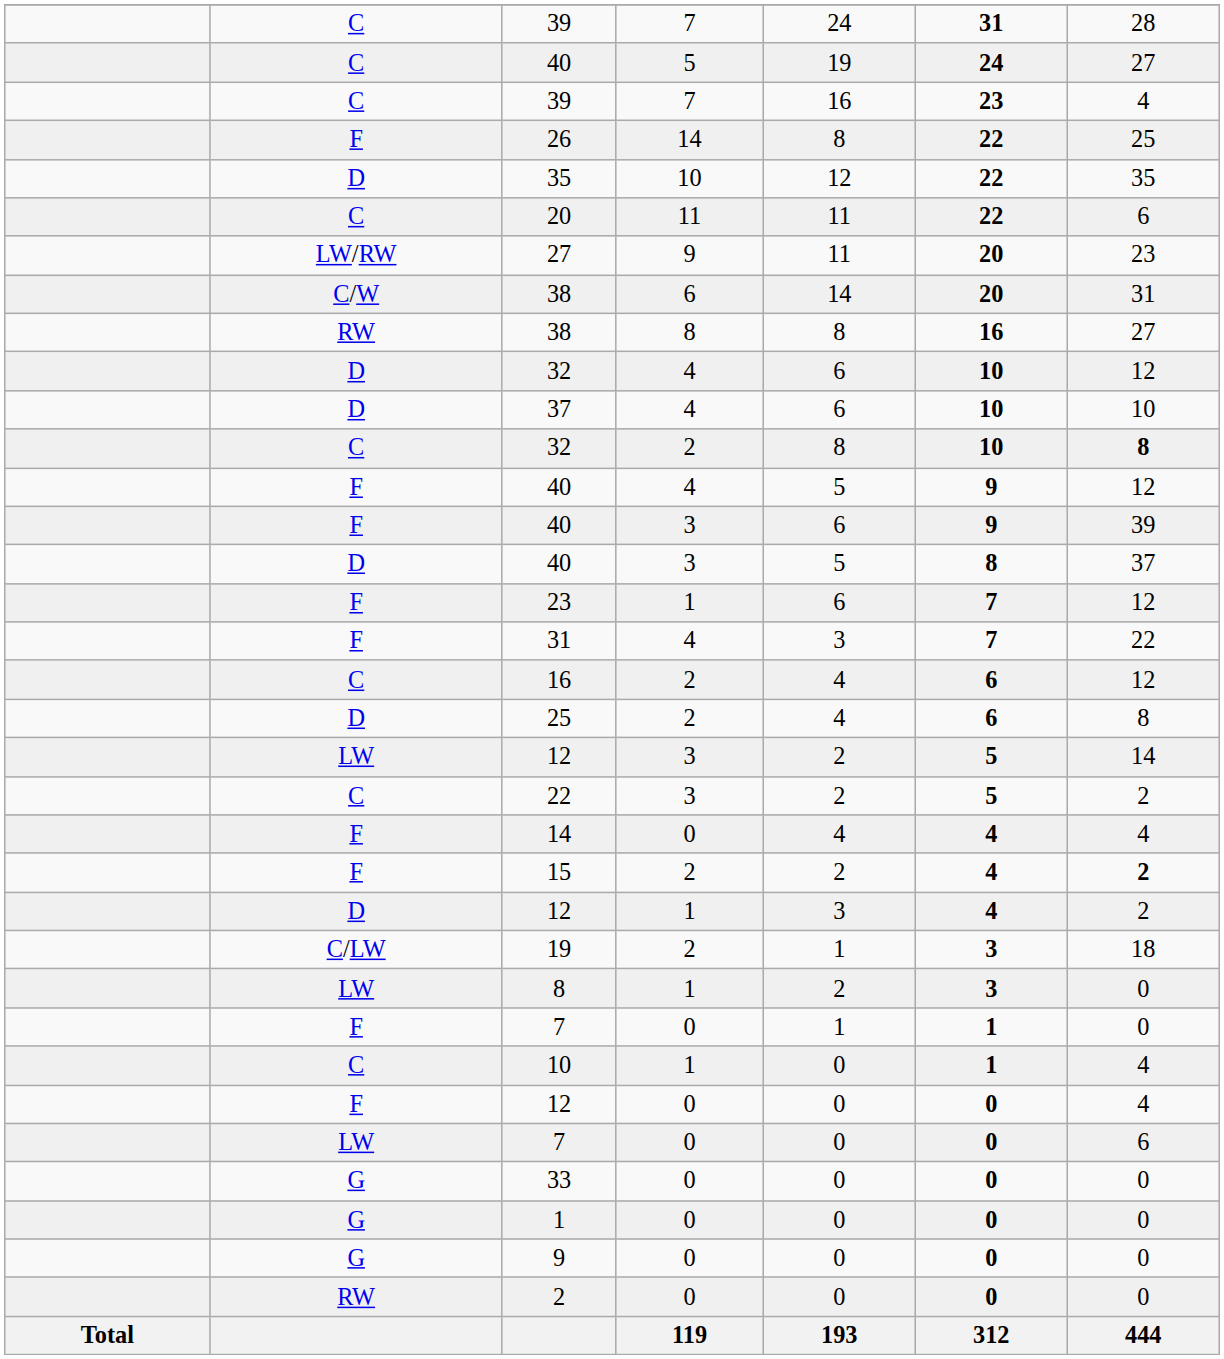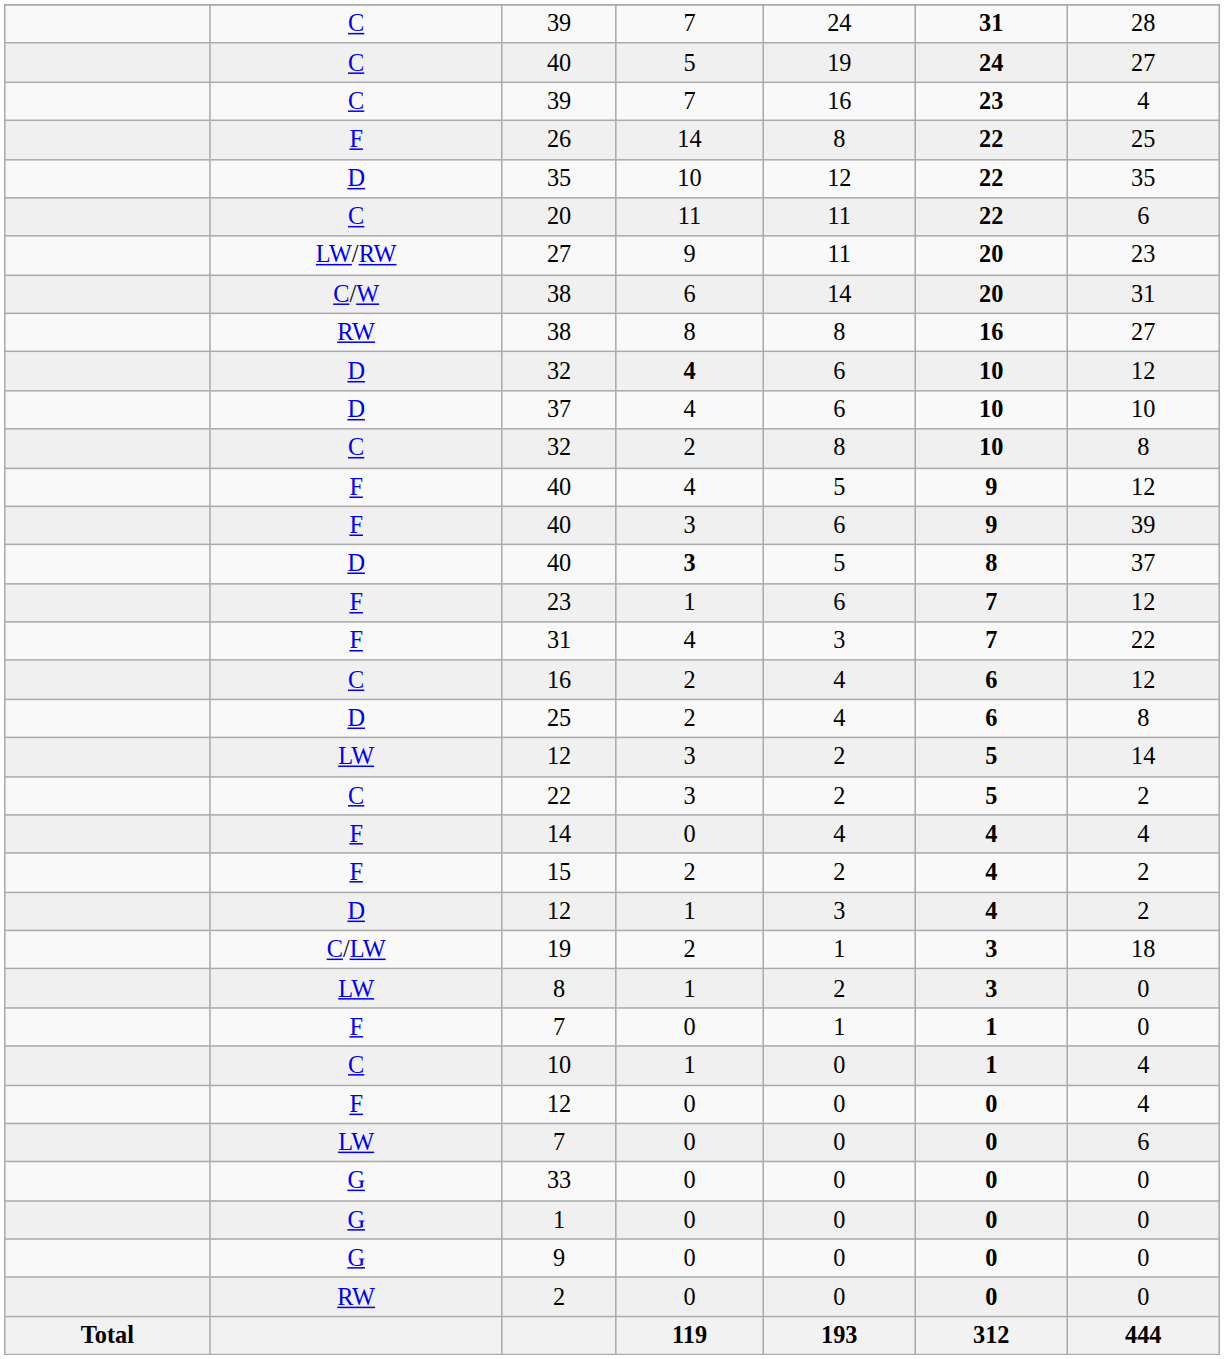 <table class="wikitable sortable" width ="800">
 <tr align="center">
 </tr>
 <tr align="center" bgcolor="">
 <td></td>
 <td><a href='#'>C</a></td>
 <td>39</td>
 <td>7</td>
 <td>24</td>
 <td><strong>31</strong></td>
 <td>28</td>
 </tr>
 <tr align="center" bgcolor="f0f0f0">
 <td></td>
 <td><a href='#'>C</a></td>
 <td>40</td>
 <td>5</td>
 <td>19</td>
 <td><strong>24</strong></td>
 <td>27</td>
 </tr>
 <tr align="center" bgcolor="">
 <td></td>
 <td><a href='#'>C</a></td>
 <td>39</td>
 <td>7</td>
 <td>16</td>
 <td><strong>23</strong></td>
 <td>4</td>
 </tr>
 <tr align="center" bgcolor="f0f0f0">
 <td></td>
 <td><a href='#'>F</a></td>
 <td>26</td>
 <td>14</td>
 <td>8</td>
 <td><strong>22</strong></td>
 <td>25</td>
 </tr>
 <tr align="center" bgcolor="">
 <td></td>
 <td><a href='#'>D</a></td>
 <td>35</td>
 <td>10</td>
 <td>12</td>
 <td><strong>22</strong></td>
 <td>35</td>
 </tr>
 <tr align="center" bgcolor="f0f0f0">
 <td></td>
 <td><a href='#'>C</a></td>
 <td>20</td>
 <td>11</td>
 <td>11</td>
 <td><strong>22</strong></td>
 <td>6</td>
 </tr>
 <tr align="center" bgcolor="">
 <td></td>
 <td><a href='#'>LW</a>/<a href='#'>RW</a></td>
 <td>27</td>
 <td>9</td>
 <td>11</td>
 <td><strong>20</strong></td>
 <td>23</td>
 </tr>
 <tr align="center" bgcolor="f0f0f0">
 <td></td>
 <td><a href='#'>C</a>/<a href='#'>W</a></td>
 <td>38</td>
 <td>6</td>
 <td>14</td>
 <td><strong>20</strong></td>
 <td>31</td>
 </tr>
 <tr align="center" bgcolor="">
 <td></td>
 <td><a href='#'>RW</a></td>
 <td>38</td>
 <td>8</td>
 <td>8</td>
 <td><strong>16</strong></td>
 <td>27</td>
 </tr>
 <tr align="center" bgcolor="f0f0f0">
 <td></td>
 <td><a href='#'>D</a></td>
 <td>32</td>
-<td>4</td>
+<td><strong>4</strong></td>
 <td>6</td>
 <td><strong>10</strong></td>
 <td>12</td>
 </tr>
 <tr align="center" bgcolor="">
 <td></td>
 <td><a href='#'>D</a></td>
 <td>37</td>
 <td>4</td>
 <td>6</td>
 <td><strong>10</strong></td>
 <td>10</td>
 </tr>
 <tr align="center" bgcolor="f0f0f0">
 <td></td>
 <td><a href='#'>C</a></td>
 <td>32</td>
 <td>2</td>
 <td>8</td>
 <td><strong>10</strong></td>
-<td><strong>8</strong></td>
+<td>8</td>
 </tr>
 <tr align="center" bgcolor="">
 <td></td>
 <td><a href='#'>F</a></td>
 <td>40</td>
 <td>4</td>
 <td>5</td>
 <td><strong>9</strong></td>
 <td>12</td>
 </tr>
 <tr align="center" bgcolor="f0f0f0">
 <td></td>
 <td><a href='#'>F</a></td>
 <td>40</td>
 <td>3</td>
 <td>6</td>
 <td><strong>9</strong></td>
 <td>39</td>
 </tr>
 <tr align="center" bgcolor="">
 <td></td>
 <td><a href='#'>D</a></td>
 <td>40</td>
-<td>3</td>
+<td><strong>3</strong></td>
 <td>5</td>
 <td><strong>8</strong></td>
 <td>37</td>
 </tr>
 <tr align="center" bgcolor="f0f0f0">
 <td></td>
 <td><a href='#'>F</a></td>
 <td>23</td>
 <td>1</td>
 <td>6</td>
 <td><strong>7</strong></td>
 <td>12</td>
 </tr>
 <tr align="center" bgcolor="">
 <td></td>
 <td><a href='#'>F</a></td>
 <td>31</td>
 <td>4</td>
 <td>3</td>
 <td><strong>7</strong></td>
 <td>22</td>
 </tr>
 <tr align="center" bgcolor="f0f0f0">
 <td></td>
 <td><a href='#'>C</a></td>
 <td>16</td>
 <td>2</td>
 <td>4</td>
 <td><strong>6</strong></td>
 <td>12</td>
 </tr>
 <tr align="center" bgcolor="">
 <td></td>
 <td><a href='#'>D</a></td>
 <td>25</td>
 <td>2</td>
 <td>4</td>
 <td><strong>6</strong></td>
 <td>8</td>
 </tr>
 <tr align="center" bgcolor="f0f0f0">
 <td></td>
 <td><a href='#'>LW</a></td>
 <td>12</td>
 <td>3</td>
 <td>2</td>
 <td><strong>5</strong></td>
 <td>14</td>
 </tr>
 <tr align="center" bgcolor="">
 <td></td>
 <td><a href='#'>C</a></td>
 <td>22</td>
 <td>3</td>
 <td>2</td>
 <td><strong>5</strong></td>
 <td>2</td>
 </tr>
 <tr align="center" bgcolor="f0f0f0">
 <td></td>
 <td><a href='#'>F</a></td>
 <td>14</td>
 <td>0</td>
 <td>4</td>
 <td><strong>4</strong></td>
 <td>4</td>
 </tr>
 <tr align="center" bgcolor="">
 <td></td>
 <td><a href='#'>F</a></td>
 <td>15</td>
 <td>2</td>
 <td>2</td>
 <td><strong>4</strong></td>
-<td><strong>2</strong></td>
+<td>2</td>
 </tr>
 <tr align="center" bgcolor="f0f0f0">
 <td></td>
 <td><a href='#'>D</a></td>
 <td>12</td>
 <td>1</td>
 <td>3</td>
 <td><strong>4</strong></td>
 <td>2</td>
 </tr>
 <tr align="center" bgcolor="">
 <td></td>
 <td><a href='#'>C</a>/<a href='#'>LW</a></td>
 <td>19</td>
 <td>2</td>
 <td>1</td>
 <td><strong>3</strong></td>
 <td>18</td>
 </tr>
 <tr align="center" bgcolor="f0f0f0">
 <td></td>
 <td><a href='#'>LW</a></td>
 <td>8</td>
 <td>1</td>
 <td>2</td>
 <td><strong>3</strong></td>
 <td>0</td>
 </tr>
 <tr align="center" bgcolor="">
 <td></td>
 <td><a href='#'>F</a></td>
 <td>7</td>
 <td>0</td>
 <td>1</td>
 <td><strong>1</strong></td>
 <td>0</td>
 </tr>
 <tr align="center" bgcolor="f0f0f0">
 <td></td>
 <td><a href='#'>C</a></td>
 <td>10</td>
 <td>1</td>
 <td>0</td>
 <td><strong>1</strong></td>
 <td>4</td>
 </tr>
 <tr align="center" bgcolor="">
 <td></td>
 <td><a href='#'>F</a></td>
 <td>12</td>
 <td>0</td>
 <td>0</td>
 <td><strong>0</strong></td>
 <td>4</td>
 </tr>
 <tr align="center" bgcolor="f0f0f0">
 <td></td>
 <td><a href='#'>LW</a></td>
 <td>7</td>
 <td>0</td>
 <td>0</td>
 <td><strong>0</strong></td>
 <td>6</td>
 </tr>
 <tr align="center" bgcolor="">
 <td></td>
 <td><a href='#'>G</a></td>
 <td>33</td>
 <td>0</td>
 <td>0</td>
 <td><strong>0</strong></td>
 <td>0</td>
 </tr>
 <tr align="center" bgcolor="f0f0f0">
 <td></td>
 <td><a href='#'>G</a></td>
 <td>1</td>
 <td>0</td>
 <td>0</td>
 <td><strong>0</strong></td>
 <td>0</td>
 </tr>
 <tr align="center" bgcolor="">
 <td></td>
 <td><a href='#'>G</a></td>
 <td>9</td>
 <td>0</td>
 <td>0</td>
 <td><strong>0</strong></td>
 <td>0</td>
 </tr>
 <tr align="center" bgcolor="f0f0f0">
 <td></td>
 <td><a href='#'>RW</a></td>
 <td>2</td>
 <td>0</td>
 <td>0</td>
 <td><strong>0</strong></td>
 <td>0</td>
 </tr>
 <tr>
 <th>Total</th>
 <th></th>
 <th></th>
 <th>119</th>
 <th>193</th>
 <th>312</th>
 <th>444</th>
 </tr>
 </table>
